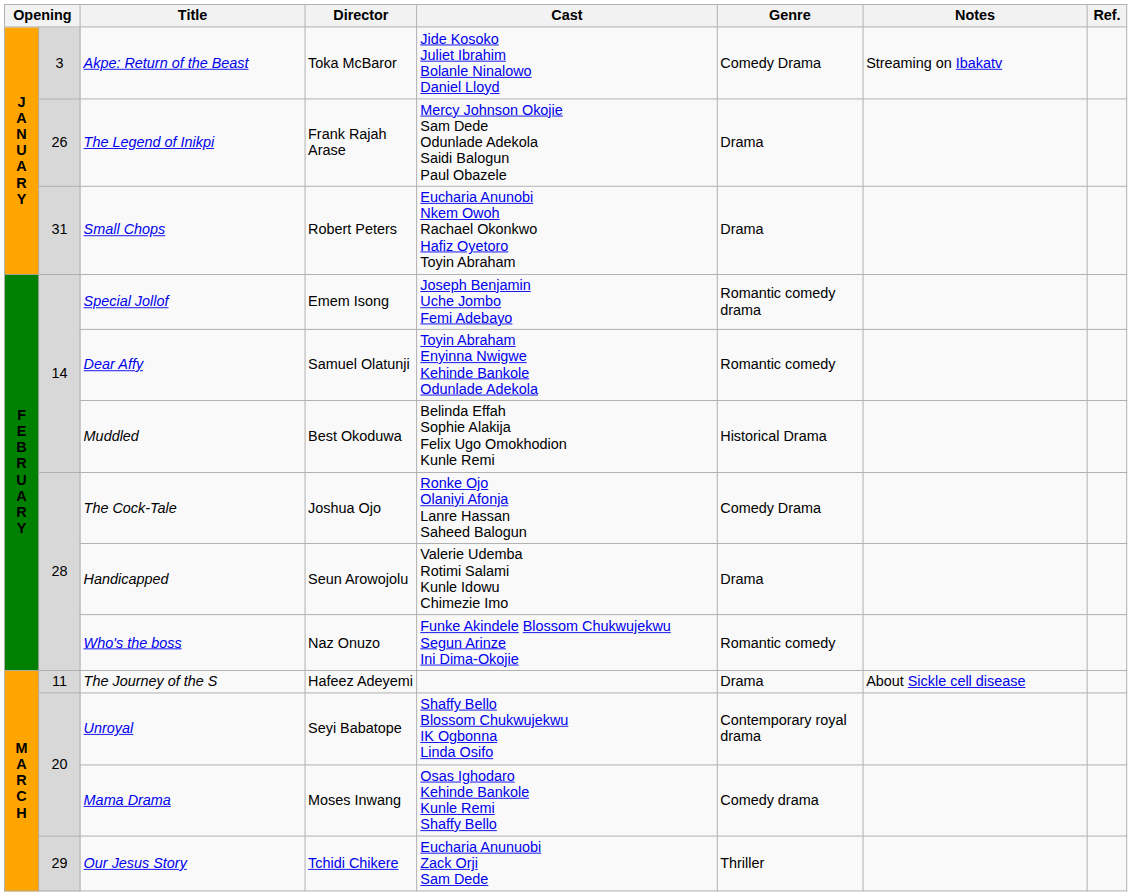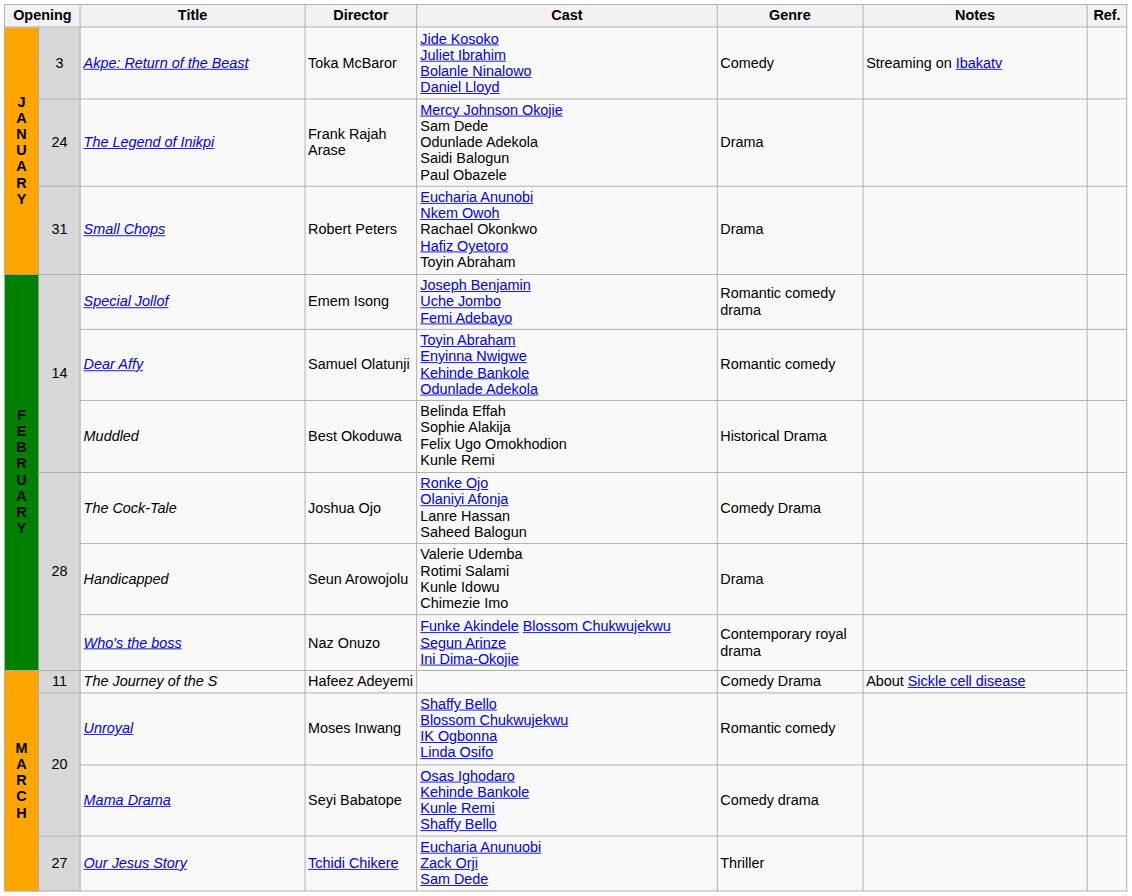 <table class="wikitable">
 <tr>
 <th colspan="2">Opening</th>
 <th style="width:20%;">Title</th>
 <th style="width:10%;">Director</th>
 <th>Cast</th>
 <th style="width:13%">Genre</th>
 <th style="width:20%">Notes</th>
 <th>Ref.</th>
 </tr>
 <tr>
 <td rowspan="3" style="text-align:center; background:orange; textcolor:#000;"><strong>J<br>A<br>N<br>U<br>A<br>R<br>Y<br></strong></td>
 <td rowspan="1" style="text-align:center; background:#d8d8d8; textcolor:#000;">3</td>
 <td><em><a href='#'>Akpe: Return of the Beast</a></em></td>
 <td>Toka McBaror</td>
 <td><a href='#'>Jide Kosoko</a><br><a href='#'>Juliet Ibrahim</a><br><a href='#'>Bolanle Ninalowo</a><br><a href='#'>Daniel Lloyd</a></td>
-<td>Comedy Drama</td>
+<td>Comedy</td>
 <td>Streaming on <a href='#'>Ibakatv</a></td>
 <td></td>
 </tr>
 <tr>
-<td rowspan="1" style="text-align:center; background:#d8d8d8; textcolor:#000;">26</td>
+<td rowspan="1" style="text-align:center; background:#d8d8d8; textcolor:#000;">24</td>
 <td><em><a href='#'>The Legend of Inikpi</a></em></td>
 <td>Frank Rajah Arase</td>
 <td><a href='#'>Mercy Johnson Okojie</a><br>Sam Dede<br>Odunlade Adekola<br>Saidi Balogun<br>Paul Obazele</td>
 <td>Drama</td>
 <td></td>
 <td></td>
 </tr>
 <tr>
 <td rowspan="1" style="text-align:center; background:#d8d8d8; textcolor:#000;">31</td>
 <td><em><a href='#'>Small Chops</a></em></td>
 <td>Robert Peters</td>
 <td><a href='#'>Eucharia Anunobi</a><br><a href='#'>Nkem Owoh</a><br>Rachael Okonkwo<br><a href='#'>Hafiz Oyetoro</a><br>Toyin Abraham</td>
 <td>Drama</td>
 <td></td>
 <td></td>
 </tr>
 <tr>
 <td rowspan="6" style="text-align:center; background:green; textcolor:#000;"><strong>F<br>E<br>B<br>R<br>U<br>A<br>R<br>Y<br></strong></td>
 <td rowspan="3" style="text-align:center; background:#d8d8d8; textcolor:#000;">14</td>
 <td><em><a href='#'>Special Jollof</a></em></td>
 <td>Emem Isong</td>
 <td><a href='#'>Joseph Benjamin</a><br><a href='#'>Uche Jombo</a><br><a href='#'>Femi Adebayo</a></td>
 <td>Romantic comedy drama</td>
 <td></td>
 <td></td>
 </tr>
 <tr>
 <td><em><a href='#'>Dear Affy</a></em></td>
 <td>Samuel Olatunji</td>
 <td><a href='#'>Toyin Abraham</a><br><a href='#'>Enyinna Nwigwe</a><br><a href='#'>Kehinde Bankole</a><br><a href='#'>Odunlade Adekola</a></td>
 <td>Romantic comedy</td>
 <td></td>
 <td></td>
 </tr>
 <tr>
 <td><em>Muddled</em></td>
 <td>Best Okoduwa</td>
 <td>Belinda Effah<br>Sophie Alakija<br>Felix Ugo Omokhodion<br>Kunle Remi</td>
 <td>Historical Drama</td>
 <td></td>
 <td></td>
 </tr>
 <tr>
 <td rowspan="3" style="text-align:center; background:#d8d8d8; textcolor:#000;">28</td>
 <td><em>The Cock-Tale</em></td>
 <td>Joshua Ojo</td>
 <td><a href='#'>Ronke Ojo</a><br><a href='#'>Olaniyi Afonja</a><br>Lanre Hassan<br>Saheed Balogun</td>
 <td>Comedy Drama</td>
 <td></td>
 <td></td>
 </tr>
 <tr>
 <td><em>Handicapped</em></td>
 <td>Seun Arowojolu</td>
 <td>Valerie Udemba<br>Rotimi Salami<br>Kunle Idowu<br>Chimezie Imo</td>
 <td>Drama</td>
 <td></td>
 <td></td>
 </tr>
 <tr>
 <td><em><a href='#'>Who's the boss</a></em></td>
 <td>Naz Onuzo</td>
 <td><a href='#'>Funke Akindele</a> <a href='#'>Blossom Chukwujekwu</a><br><a href='#'>Segun Arinze</a><br><a href='#'>Ini Dima-Okojie</a></td>
-<td>Romantic comedy</td>
+<td>Contemporary royal drama</td>
 <td></td>
 <td></td>
 </tr>
 <tr>
 <td rowspan="4" style="text-align:center; background:orange; textcolor:#000;"><strong>M<br>A<br>R<br>C<br>H<br></strong></td>
 <td rowspan="1" style="text-align:center; background:#d8d8d8; textcolor:#000;">11</td>
 <td><em>The Journey of the S</em></td>
 <td>Hafeez Adeyemi</td>
 <td></td>
-<td>Drama</td>
+<td>Comedy Drama</td>
 <td>About <a href='#'>Sickle cell disease</a></td>
 <td></td>
 </tr>
 <tr>
 <td rowspan="2" style="text-align:center; background:#d8d8d8; textcolor:#000;">20</td>
 <td><em><a href='#'>Unroyal</a></em></td>
-<td>Seyi Babatope</td>
+<td>Moses Inwang</td>
 <td><a href='#'>Shaffy Bello</a><br><a href='#'>Blossom Chukwujekwu</a><br><a href='#'>IK Ogbonna</a><br><a href='#'>Linda Osifo</a></td>
-<td>Contemporary royal drama</td>
+<td>Romantic comedy</td>
 <td></td>
 <td></td>
 </tr>
 <tr>
 <td><em><a href='#'>Mama Drama</a></em></td>
-<td>Moses Inwang</td>
+<td>Seyi Babatope</td>
 <td><a href='#'>Osas Ighodaro</a><br><a href='#'>Kehinde Bankole</a><br><a href='#'>Kunle Remi</a><br><a href='#'>Shaffy Bello</a></td>
 <td>Comedy drama</td>
 <td></td>
 <td></td>
 </tr>
 <tr>
-<td rowspan="1" style="text-align:center; background:#d8d8d8; textcolor:#000;">29</td>
+<td rowspan="1" style="text-align:center; background:#d8d8d8; textcolor:#000;">27</td>
 <td><em><a href='#'>Our Jesus Story</a></em></td>
 <td><a href='#'>Tchidi Chikere</a></td>
 <td><a href='#'>Eucharia Anunuobi</a><br><a href='#'>Zack Orji</a><br><a href='#'>Sam Dede</a></td>
 <td>Thriller</td>
 <td></td>
 <td></td>
 </tr>
 </table>
